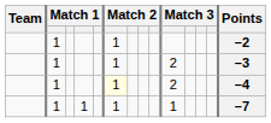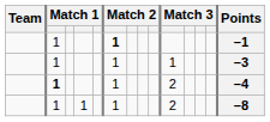 <table class="wikitable sortable" style="text-align:center;">
 <tr>
 <th rowspan=2>Team</th>
 <th colspan=4 style="border-left:3px solid gray">Match 1</th>
 <th colspan=4 style="border-left:3px solid gray">Match 2</th>
 <th colspan=4 style="border-left:3px solid gray">Match 3</th>
 <th rowspan=2 style="border-left:3px solid gray">Points</th>
 </tr>
 <tr>
 <th style="border-left:3px solid gray"></th>
 <th></th>
 <th></th>
 <th></th>
 <th style="border-left:3px solid gray"></th>
 <th></th>
 <th></th>
 <th></th>
 <th style="border-left:3px solid gray"></th>
 <th></th>
 <th></th>
 <th></th>
 </tr>
 <tr>
 <td align=left></td>
 <td style="border-left:3px solid gray">1</td>
 <td></td>
 <td></td>
 <td></td>
-<td style="border-left:3px solid gray">1</td>
+<td style="border-left:3px solid gray"><strong>1</strong></td>
 <td></td>
 <td></td>
 <td></td>
 <td style="border-left:3px solid gray"></td>
 <td></td>
 <td></td>
 <td></td>
-<th style="border-left:3px solid gray">–2</th>
+<th style="border-left:3px solid gray">–1</th>
 </tr>
 <tr>
 <td align=left></td>
 <td style="border-left:3px solid gray">1</td>
 <td></td>
 <td></td>
 <td></td>
 <td style="border-left:3px solid gray">1</td>
 <td></td>
 <td></td>
 <td></td>
-<td style="border-left:3px solid gray">2</td>
+<td style="border-left:3px solid gray">1</td>
 <td></td>
 <td></td>
 <td></td>
 <th style="border-left:3px solid gray">–3</th>
 </tr>
 <tr>
 <td align=left></td>
-<td style="border-left:3px solid gray">1</td>
+<td style="border-left:3px solid gray"><strong>1</strong></td>
 <td></td>
 <td></td>
 <td></td>
-<td style="background: lightyellow; border-left:3px solid gray">1</td>
+<td style="border-left:3px solid gray">1</td>
 <td></td>
 <td></td>
 <td></td>
 <td style="border-left:3px solid gray">2</td>
 <td></td>
 <td></td>
 <td></td>
 <th style="border-left:3px solid gray">–4</th>
 </tr>
 <tr>
 <td align=left></td>
 <td style="border-left:3px solid gray">1</td>
 <td></td>
 <td>1</td>
 <td></td>
 <td style="border-left:3px solid gray">1</td>
 <td></td>
 <td></td>
 <td></td>
-<td style="border-left:3px solid gray">1</td>
+<td style="border-left:3px solid gray">2</td>
 <td></td>
 <td></td>
 <td></td>
-<th style="border-left:3px solid gray">–7</th>
+<th style="border-left:3px solid gray">–8</th>
 </tr>
 </table>
